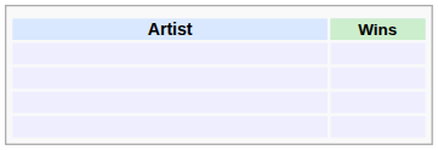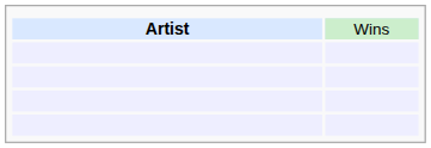 <table class="infobox" style="width: 25em; text-align: center; font-size: 70%; vertical-align: middle;">
 <tr>
 <td colspan="3" style="text-align:center;"></td>
 </tr>
 <tr style="background:#d9e8ff; text-align:center;">
 <th style="vertical-align: middle;">Artist</th>
-<td style="background:#cec; font-size:8pt; width:60px;"><strong>Wins</strong></td>
+<td style="background:#cec; font-size:8pt; width:60px;">Wins</td>
 </tr>
 <tr style="background:#eef;">
 <td style="text-align:center;"><br></td>
 <td></td>
 </tr>
 <tr style="background:#eef;">
 <td style="text-align:center;"><br></td>
 <td></td>
 </tr>
 <tr style="background:#eef;">
 <td style="text-align:center;"><br></td>
 <td></td>
 </tr>
 <tr style="background:#eef;">
 <td style="text-align:center;"><br></td>
 <td></td>
 </tr>
 </table>
